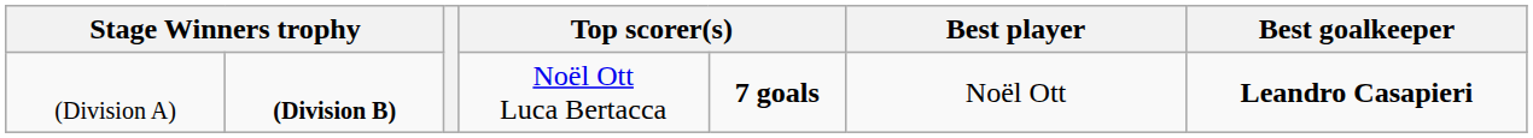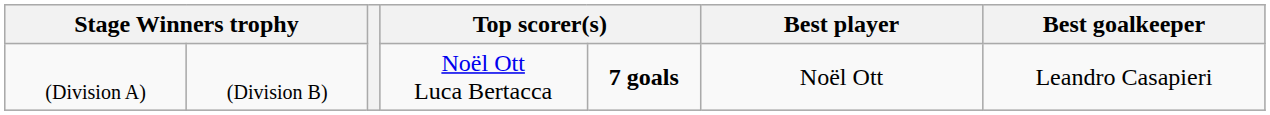 <table class="wikitable" style="text-align: center; font-size: 97%;">
 <tr>
 <th colspan=2 width=220>Stage Winners trophy</th>
 <th rowspan=2></th>
 <th colspan=2 width=200>Top scorer(s)</th>
 <th width=175>Best player</th>
 <th width=175>Best goalkeeper</th>
 </tr>
 <tr align=center style="background:">
 <td style="text-align:center;" width=110><br><small>(Division A)</small></td>
-<td width=110><strong><br><small>(Division B)</small></strong></td>
+<td width=110><br><small>(Division B)</small></td>
 <td> <a href='#'>Noël Ott</a><br> Luca Bertacca</td>
 <td><strong>7 goals</strong></td>
 <td> Noël Ott</td>
-<td><strong> Leandro Casapieri</strong></td>
+<td> Leandro Casapieri</td>
 </tr>
 </table>
